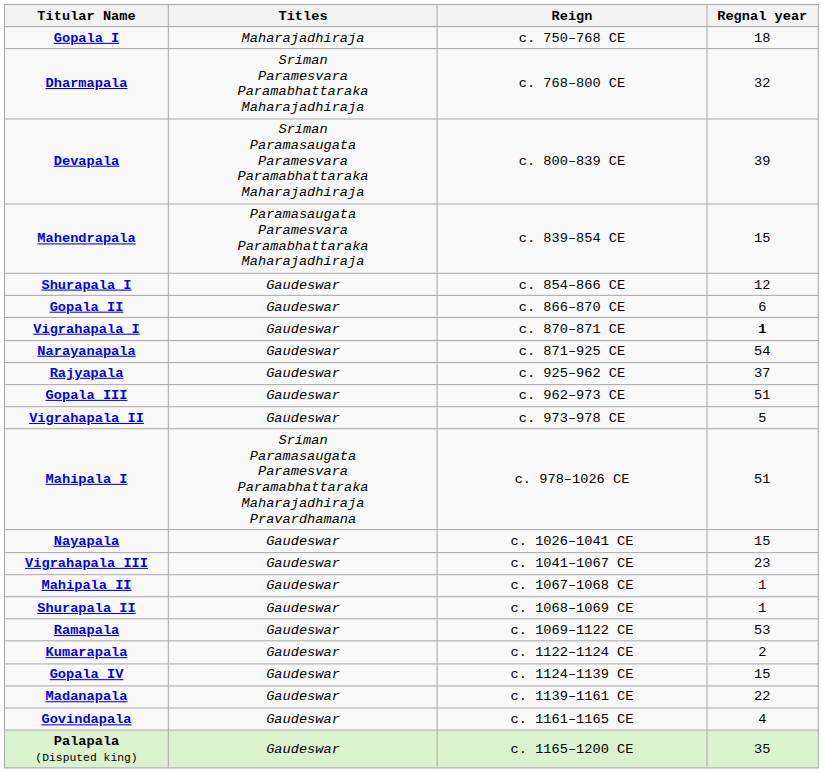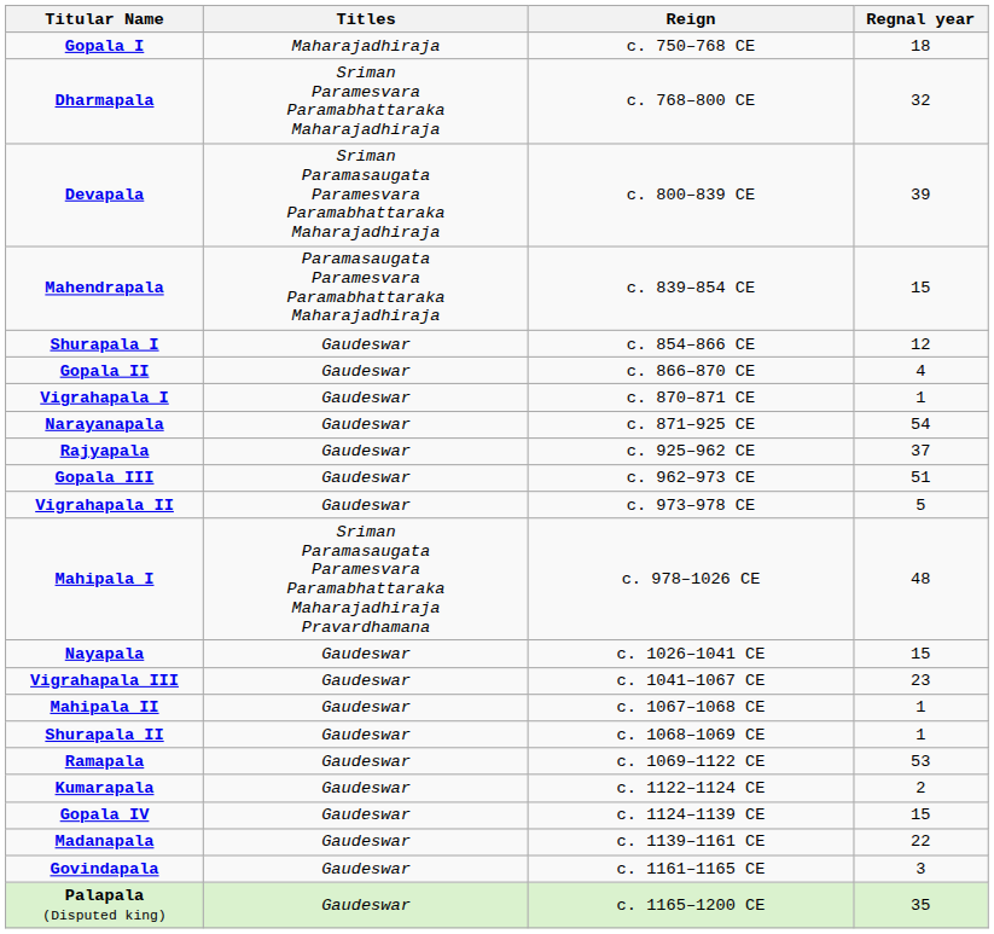 <table class="wikitable sortable">
 <tr>
 <th width="150">Titular Name</th>
 <th width="250">Titles</th>
 <th width="250">Reign</th>
 <th width="100">Regnal year</th>
 </tr>
 <tr>
 <td style="text-align:center;"><strong><a href='#'>Gopala I</a></strong></td>
 <td style="text-align:center;"><em>Maharajadhiraja</em></td>
 <td style="text-align:center;">c. 750–768 CE</td>
 <td style="text-align:center;">18</td>
 </tr>
 <tr>
 <td style="text-align:center;"><a href='#'><strong>Dharmapala</strong></a></td>
 <td style="text-align:center;"><em>Sriman</em><br><em>Paramesvara</em><br><em>Paramabhattaraka</em><br><em>Maharajadhiraja</em></td>
 <td style="text-align:center;">c. 768–800 CE</td>
 <td style="text-align:center;">32</td>
 </tr>
 <tr>
 <td style="text-align:center;"><a href='#'><strong>Devapala</strong></a></td>
 <td style="text-align:center;"><em>Sriman</em><br><em>Paramasaugata</em><br><em>Paramesvara</em><br><em>Paramabhattaraka</em><br><em>Maharajadhiraja</em></td>
 <td style="text-align:center;">c. 800–839 CE</td>
 <td style="text-align:center;">39</td>
 </tr>
 <tr>
 <td style="text-align:center;"><strong><a href='#'>Mahendrapala</a></strong></td>
 <td style="text-align:center;"><em>Paramasaugata</em><br><em>Paramesvara</em><br><em>Paramabhattaraka</em><br><em>Maharajadhiraja</em></td>
 <td style="text-align:center;">c. 839–854 CE</td>
 <td style="text-align:center;">15</td>
 </tr>
 <tr>
 <td style="text-align:center;"><strong><a href='#'>Shurapala I</a></strong></td>
 <td style="text-align:center;"><em>Gaudeswar</em></td>
 <td style="text-align:center;">c. 854–866 CE</td>
 <td style="text-align:center;">12</td>
 </tr>
 <tr>
 <td style="text-align:center;"><strong><a href='#'>Gopala II</a></strong></td>
 <td style="text-align:center;"><em>Gaudeswar</em></td>
 <td style="text-align:center;">c. 866–870 CE</td>
-<td style="text-align:center;">6</td>
+<td style="text-align:center;">4</td>
 </tr>
 <tr>
 <td style="text-align:center;"><strong><a href='#'>Vigrahapala I</a></strong></td>
 <td style="text-align:center;"><em>Gaudeswar</em></td>
 <td style="text-align:center;">c. 870–871 CE</td>
-<td style="text-align:center;"><strong>1</strong></td>
+<td style="text-align:center;">1</td>
 </tr>
 <tr>
 <td style="text-align:center;"><strong><a href='#'>Narayanapala</a></strong></td>
 <td style="text-align:center;"><em>Gaudeswar</em></td>
 <td style="text-align:center;">c. 871–925 CE</td>
 <td style="text-align:center;">54</td>
 </tr>
 <tr>
 <td style="text-align:center;"><strong><a href='#'>Rajyapala</a></strong></td>
 <td style="text-align:center;"><em>Gaudeswar</em></td>
 <td style="text-align:center;">c. 925–962 CE</td>
 <td style="text-align:center;">37</td>
 </tr>
 <tr>
 <td style="text-align:center;"><strong><a href='#'>Gopala III</a></strong></td>
 <td style="text-align:center;"><em>Gaudeswar</em></td>
 <td style="text-align:center;">c. 962–973 CE</td>
 <td style="text-align:center;">51</td>
 </tr>
 <tr>
 <td style="text-align:center;"><strong><a href='#'>Vigrahapala II</a></strong></td>
 <td style="text-align:center;"><em>Gaudeswar</em></td>
 <td style="text-align:center;">c. 973–978 CE</td>
 <td style="text-align:center;">5</td>
 </tr>
 <tr>
 <td style="text-align:center;"><a href='#'><strong>Mahipala I</strong></a></td>
 <td style="text-align:center;"><em>Sriman</em><br><em>Paramasaugata</em><br><em>Paramesvara</em><br><em>Paramabhattaraka</em><br><em>Maharajadhiraja</em><br><em>Pravardhamana</em></td>
 <td style="text-align:center;">c. 978–1026 CE</td>
-<td style="text-align:center;">51</td>
+<td style="text-align:center;">48</td>
 </tr>
 <tr>
 <td style="text-align:center;"><strong><a href='#'>Nayapala</a></strong></td>
 <td style="text-align:center;"><em>Gaudeswar</em></td>
 <td style="text-align:center;">c. 1026–1041 CE</td>
 <td style="text-align:center;">15</td>
 </tr>
 <tr>
 <td style="text-align:center;"><strong><a href='#'>Vigrahapala III</a></strong></td>
 <td style="text-align:center;"><em>Gaudeswar</em></td>
 <td style="text-align:center;">c. 1041–1067 CE</td>
 <td style="text-align:center;">23</td>
 </tr>
 <tr>
 <td style="text-align:center;"><strong><a href='#'>Mahipala II</a></strong></td>
 <td style="text-align:center;"><em>Gaudeswar</em></td>
 <td style="text-align:center;">c. 1067–1068 CE</td>
 <td style="text-align:center;">1</td>
 </tr>
 <tr>
 <td style="text-align:center;"><strong><a href='#'>Shurapala II</a></strong></td>
 <td style="text-align:center;"><em>Gaudeswar</em></td>
 <td style="text-align:center;">c. 1068–1069 CE</td>
 <td style="text-align:center;">1</td>
 </tr>
 <tr>
 <td style="text-align:center;"><strong><a href='#'>Ramapala</a></strong></td>
 <td style="text-align:center;"><em>Gaudeswar</em></td>
 <td style="text-align:center;">c. 1069–1122 CE</td>
 <td style="text-align:center;">53</td>
 </tr>
 <tr>
 <td style="text-align:center;"><a href='#'><strong>Kumarapala</strong></a></td>
 <td style="text-align:center;"><em>Gaudeswar</em></td>
 <td style="text-align:center;">c. 1122–1124 CE</td>
 <td style="text-align:center;">2</td>
 </tr>
 <tr>
 <td style="text-align:center;"><strong><a href='#'>Gopala IV</a></strong></td>
 <td style="text-align:center;"><em>Gaudeswar</em></td>
 <td style="text-align:center;">c. 1124–1139 CE</td>
 <td style="text-align:center;">15</td>
 </tr>
 <tr>
 <td style="text-align:center;"><a href='#'><strong>Madanapala</strong></a></td>
 <td style="text-align:center;"><em>Gaudeswar</em></td>
 <td style="text-align:center;">c. 1139–1161 CE</td>
 <td style="text-align:center;">22</td>
 </tr>
 <tr>
 <td style="text-align:center;"><strong><a href='#'>Govindapala</a></strong></td>
 <td style="text-align:center;"><em>Gaudeswar</em></td>
 <td style="text-align:center;">c. 1161–1165 CE</td>
-<td style="text-align:center;">4</td>
+<td style="text-align:center;">3</td>
 </tr>
 <tr>
 <td style="background-color:#DAF2CE; text-align:center;"><strong>Palapala</strong><br><small>(Disputed king)</small></td>
 <td style="background-color:#DAF2CE; text-align:center;"><em>Gaudeswar</em></td>
 <td style="background-color:#DAF2CE; text-align:center;">c. 1165–1200 CE</td>
 <td style="background-color:#DAF2CE; text-align:center;">35</td>
 </tr>
 </table>
